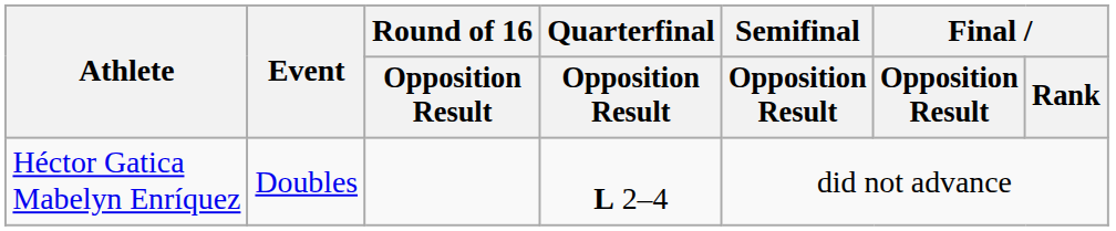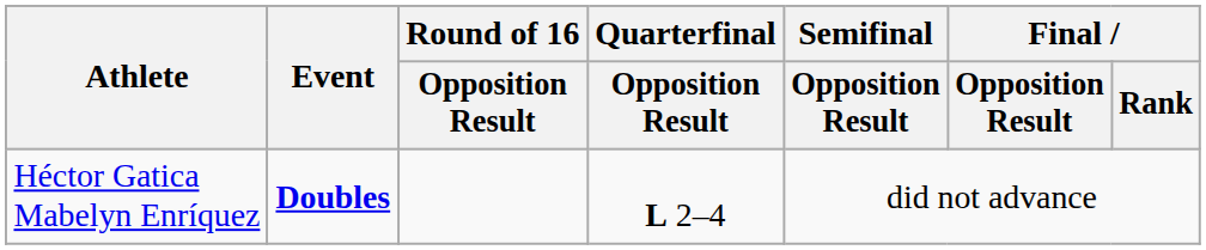 <table class=wikitable style=font-size:90%;text-align:center>
 <tr>
 <th rowspan=2>Athlete</th>
 <th rowspan=2>Event</th>
 <th>Round of 16</th>
 <th>Quarterfinal</th>
 <th>Semifinal</th>
 <th colspan=2>Final / </th>
 </tr>
 <tr style=font-size:95%>
 <th>Opposition<br>Result</th>
 <th>Opposition<br>Result</th>
 <th>Opposition<br>Result</th>
 <th>Opposition<br>Result</th>
 <th>Rank</th>
 </tr>
 <tr>
 <td align=left><a href='#'>Héctor Gatica</a><br><a href='#'>Mabelyn Enríquez</a></td>
-<td align=left><a href='#'>Doubles</a></td>
+<td align=left><strong><a href='#'>Doubles</a></strong></td>
 <td></td>
 <td><br><strong>L</strong> 2–4</td>
 <td colspan=4>did not advance</td>
 </tr>
 </table>
